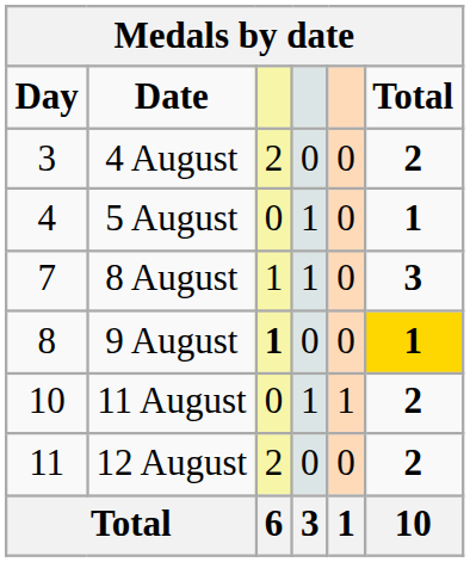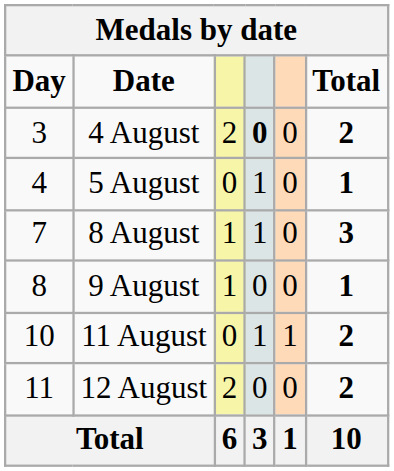 <table class="wikitable" style="font-size:85%; text-align:center;">
 <tr style="background:#efefef;">
 <th colspan=6><strong>Medals by date</strong></th>
 </tr>
 <tr>
 <td><strong>Day</strong></td>
 <td><strong>Date</strong></td>
 <td style="background:#F7F6A8;"></td>
 <td style="background:#DCE5E5;"></td>
 <td style="background:#FFDAB9;"></td>
 <td><strong>Total</strong></td>
 </tr>
 <tr>
 <td>3</td>
 <td>4 August</td>
 <td style="background:#F7F6A8;">2</td>
-<td style="background:#DCE5E5;">0</td>
+<td style="background:#DCE5E5;"><strong>0</strong></td>
 <td style="background:#FFDAB9;">0</td>
 <td><strong>2</strong></td>
 </tr>
 <tr>
 <td>4</td>
 <td>5 August</td>
 <td style="background:#F7F6A8;">0</td>
 <td style="background:#DCE5E5;">1</td>
 <td style="background:#FFDAB9;">0</td>
 <td><strong>1</strong></td>
 </tr>
 <tr>
 <td>7</td>
 <td>8 August</td>
 <td style="background:#F7F6A8;">1</td>
 <td style="background:#DCE5E5;">1</td>
 <td style="background:#FFDAB9;">0</td>
 <td><strong>3</strong></td>
 </tr>
 <tr>
 <td>8</td>
 <td>9 August</td>
-<td style="background:#F7F6A8;"><strong>1</strong></td>
+<td style="background:#F7F6A8;">1</td>
 <td style="background:#DCE5E5;">0</td>
 <td style="background:#FFDAB9;">0</td>
-<td style="background: gold;"><strong>1</strong></td>
+<td><strong>1</strong></td>
 </tr>
 <tr>
 <td>10</td>
 <td>11 August</td>
 <td style="background:#F7F6A8;">0</td>
 <td style="background:#DCE5E5;">1</td>
 <td style="background:#FFDAB9;">1</td>
 <td><strong>2</strong></td>
 </tr>
 <tr>
 <td>11</td>
 <td>12 August</td>
 <td style="background:#F7F6A8;">2</td>
 <td style="background:#DCE5E5;">0</td>
 <td style="background:#FFDAB9;">0</td>
 <td><strong>2</strong></td>
 </tr>
 <tr>
 <th colspan="2">Total</th>
 <th>6</th>
 <th>3</th>
 <th>1</th>
 <th>10</th>
 </tr>
 </table>
